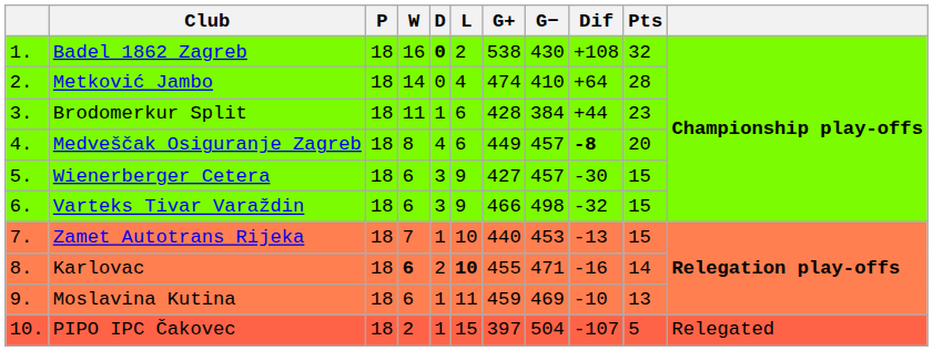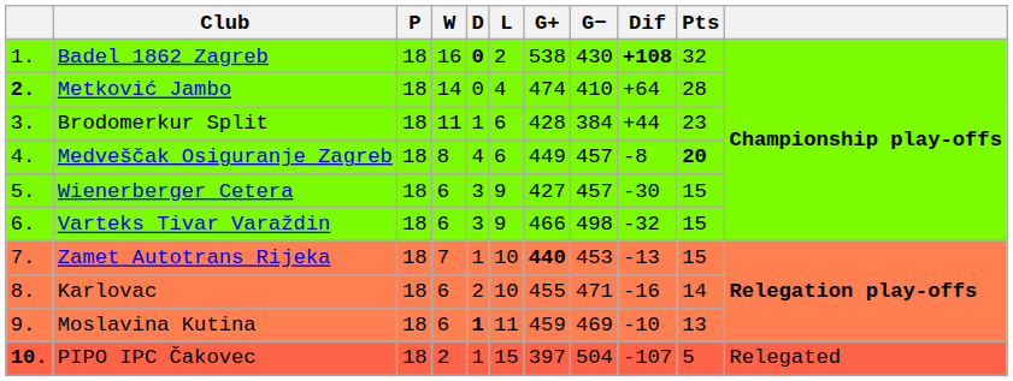 <table class="wikitable sortable">
 <tr>
 <th></th>
 <th>Club</th>
 <th>P</th>
 <th>W</th>
 <th>D</th>
 <th>L</th>
 <th>G+</th>
 <th>G−</th>
 <th>Dif</th>
 <th>Pts</th>
 <th></th>
 </tr>
 <tr bgcolor="lawngreen">
 <td>1.</td>
 <td><a href='#'>Badel 1862 Zagreb</a></td>
 <td>18</td>
 <td>16</td>
 <td><strong>0</strong></td>
 <td>2</td>
 <td>538</td>
 <td>430</td>
-<td>+108</td>
+<td><strong>+108</strong></td>
 <td>32</td>
 <td rowspan="6"><strong>Championship play-offs</strong></td>
 </tr>
 <tr bgcolor="lawngreen">
-<td>2.</td>
+<td><strong>2.</strong></td>
 <td><a href='#'>Metković Jambo</a></td>
 <td>18</td>
 <td>14</td>
 <td>0</td>
 <td>4</td>
 <td>474</td>
 <td>410</td>
 <td>+64</td>
 <td>28</td>
 </tr>
 <tr bgcolor="lawngreen">
 <td>3.</td>
 <td>Brodomerkur Split</td>
 <td>18</td>
 <td>11</td>
 <td>1</td>
 <td>6</td>
 <td>428</td>
 <td>384</td>
 <td>+44</td>
 <td>23</td>
 </tr>
 <tr bgcolor="lawngreen">
 <td>4.</td>
 <td><a href='#'>Medveščak Osiguranje Zagreb</a></td>
 <td>18</td>
 <td>8</td>
 <td>4</td>
 <td>6</td>
 <td>449</td>
 <td>457</td>
-<td><strong>-8</strong></td>
-<td>20</td>
+<td>-8</td>
+<td><strong>20</strong></td>
 </tr>
 <tr bgcolor="lawngreen">
 <td>5.</td>
 <td><a href='#'>Wienerberger Cetera</a></td>
 <td>18</td>
 <td>6</td>
 <td>3</td>
 <td>9</td>
 <td>427</td>
 <td>457</td>
 <td>-30</td>
 <td>15</td>
 </tr>
 <tr bgcolor="lawngreen">
 <td>6.</td>
 <td><a href='#'>Varteks Tivar Varaždin</a></td>
 <td>18</td>
 <td>6</td>
 <td>3</td>
 <td>9</td>
 <td>466</td>
 <td>498</td>
 <td>-32</td>
 <td>15</td>
 </tr>
 <tr bgcolor="coral">
 <td>7.</td>
 <td><a href='#'>Zamet Autotrans Rijeka</a></td>
 <td>18</td>
 <td>7</td>
 <td>1</td>
 <td>10</td>
-<td>440</td>
+<td><strong>440</strong></td>
 <td>453</td>
 <td>-13</td>
 <td>15</td>
 <td rowspan="3"><strong>Relegation play-offs</strong></td>
 </tr>
 <tr bgcolor="coral">
 <td>8.</td>
 <td>Karlovac</td>
 <td>18</td>
-<td><strong>6</strong></td>
+<td>6</td>
 <td>2</td>
-<td><strong>10</strong></td>
+<td>10</td>
 <td>455</td>
 <td>471</td>
 <td>-16</td>
 <td>14</td>
 </tr>
 <tr bgcolor="coral">
 <td>9.</td>
 <td>Moslavina Kutina</td>
 <td>18</td>
 <td>6</td>
-<td>1</td>
+<td><strong>1</strong></td>
 <td>11</td>
 <td>459</td>
 <td>469</td>
 <td>-10</td>
 <td>13</td>
 </tr>
 <tr bgcolor="tomato">
-<td>10.</td>
+<td><strong>10.</strong></td>
 <td>PIPO IPC Čakovec</td>
 <td>18</td>
 <td>2</td>
 <td>1</td>
 <td>15</td>
 <td>397</td>
 <td>504</td>
 <td>-107</td>
 <td>5</td>
 <td>Relegated</td>
 </tr>
 </table>
